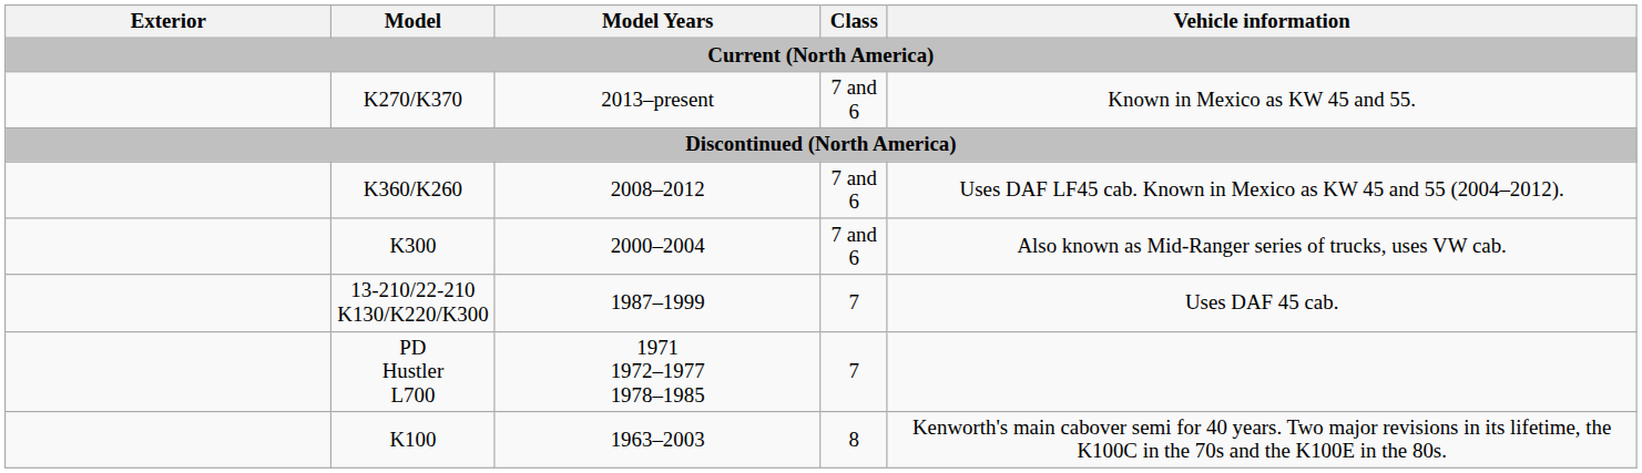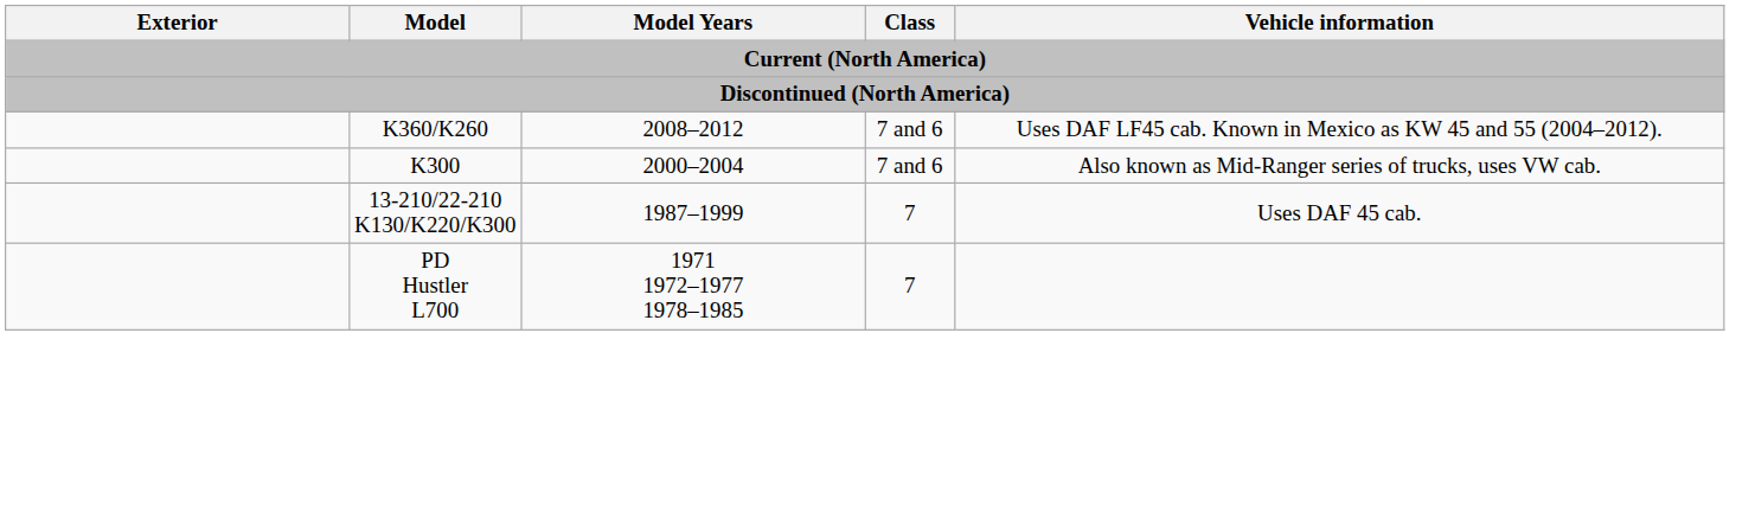 <table class="wikitable center" style="text-align: center">
 <tr>
 <th style="width: 20%">Exterior</th>
 <th style="width: 10%">Model</th>
 <th style="width: 20%">Model Years</th>
 <th>Class</th>
 <th>Vehicle information</th>
 </tr>
 <tr bgcolor="#C0C0C0">
 <td colspan="5"><strong>Current (North America)</strong></td>
-</tr>
-<tr>
-<td></td>
-<td>K270/K370</td>
-<td>2013–present</td>
-<td>7 and 6</td>
-<td>Known in Mexico as KW 45 and 55.</td>
 </tr>
 <tr bgcolor="#C0C0C0">
 <td colspan="5"><strong>Discontinued (North America)</strong></td>
 </tr>
 <tr>
 <td></td>
 <td>K360/K260</td>
 <td>2008–2012</td>
 <td>7 and 6</td>
 <td>Uses DAF LF45 cab. Known in Mexico as KW 45 and 55 (2004–2012).</td>
 </tr>
 <tr>
 <td></td>
 <td>K300</td>
 <td>2000–2004</td>
 <td>7 and 6</td>
 <td>Also known as Mid-Ranger series of trucks, uses VW cab.</td>
 </tr>
 <tr>
 <td></td>
 <td>13-210/22-210<br>K130/K220/K300</td>
 <td>1987–1999</td>
 <td>7</td>
 <td>Uses DAF 45 cab.</td>
 </tr>
 <tr>
 <td></td>
 <td>PD<br>Hustler<br>L700</td>
 <td>1971<br>1972–1977<br>1978–1985</td>
 <td>7</td>
 <td></td>
 </tr>
-<tr>
-<td></td>
-<td>K100</td>
-<td>1963–2003</td>
-<td>8</td>
-<td>Kenworth's main cabover semi for 40 years. Two major revisions in its lifetime, the K100C in the 70s and the K100E in the 80s.</td>
-</tr>
 </table>
